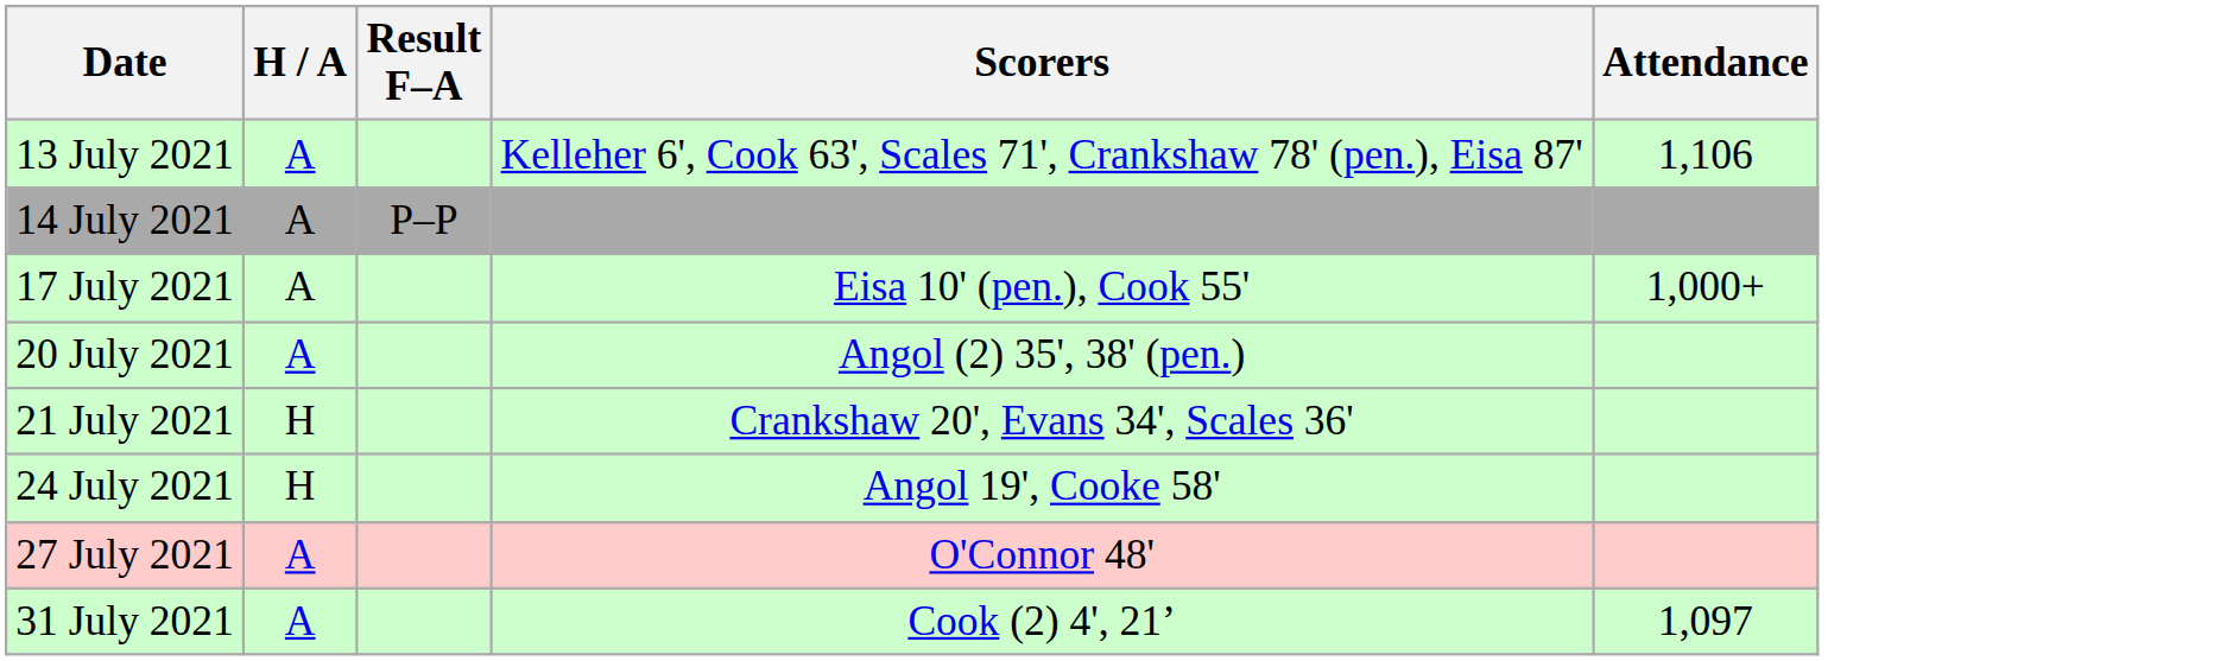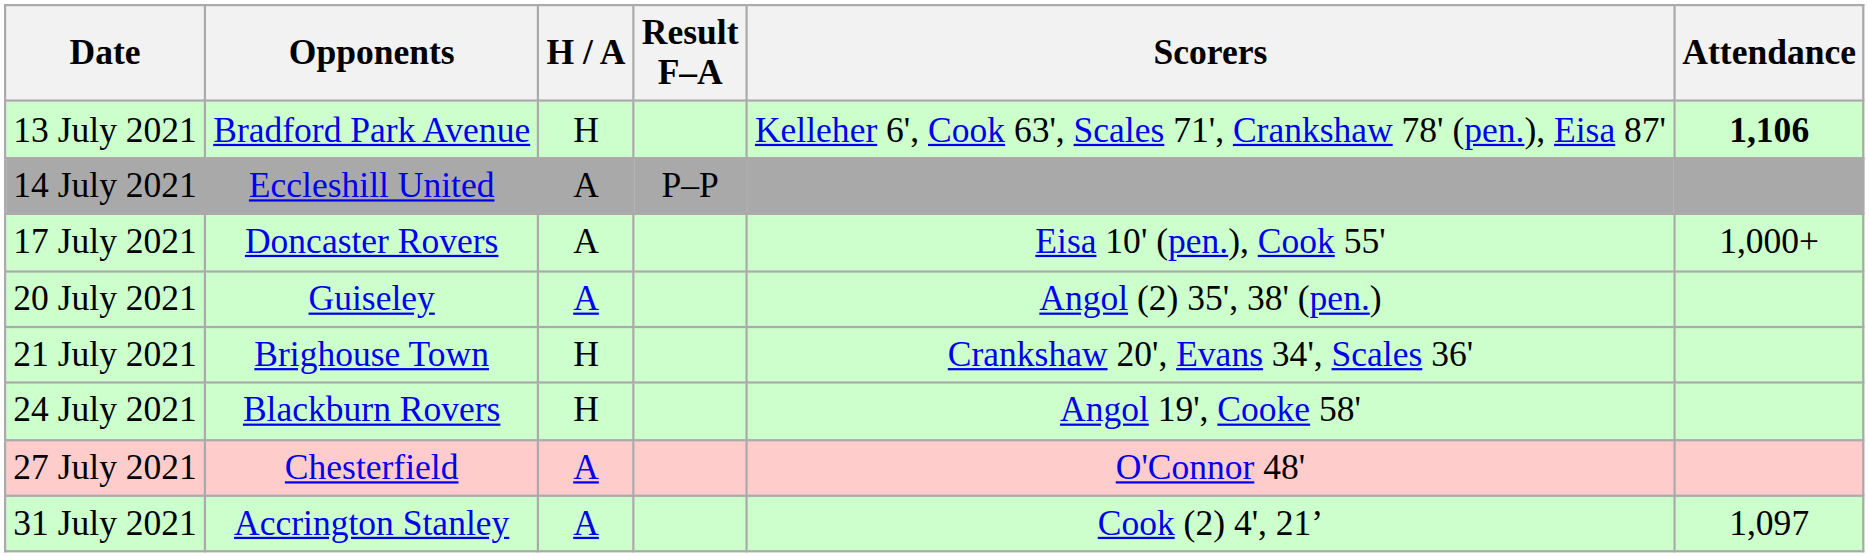 <table class="wikitable" style="text-align:center">
 <tr>
 <th>Date</th>
+<th>Opponents</th>
 <th>H / A</th>
 <th>Result<br>F–A</th>
 <th>Scorers</th>
 <th>Attendance</th>
 </tr>
 <tr bgcolor="#cfc">
 <td>13 July 2021</td>
-<td><a href='#'>A</a></td>
+<td><a href='#'>Bradford Park Avenue</a></td>
+<td>H</td>
 <td></td>
 <td><a href='#'>Kelleher</a> 6', <a href='#'>Cook</a> 63', <a href='#'>Scales</a> 71', <a href='#'>Crankshaw</a> 78' (<a href='#'>pen.</a>), <a href='#'>Eisa</a> 87'</td>
-<td>1,106</td>
+<td><strong>1,106</strong></td>
 </tr>
 <tr bgcolor="#A9A9A9">
 <td>14 July 2021</td>
+<td><a href='#'>Eccleshill United</a></td>
 <td>A</td>
 <td>P–P</td>
 <td></td>
 <td></td>
 </tr>
 <tr bgcolor="#ccffcc">
 <td>17 July 2021</td>
+<td><a href='#'>Doncaster Rovers</a></td>
 <td>A</td>
 <td></td>
 <td><a href='#'>Eisa</a> 10' (<a href='#'>pen.</a>), <a href='#'>Cook</a> 55'</td>
 <td>1,000+</td>
 </tr>
 <tr bgcolor="#ccffcc">
 <td>20 July 2021</td>
+<td><a href='#'>Guiseley</a></td>
 <td><a href='#'>A</a></td>
 <td></td>
 <td><a href='#'>Angol</a> (2) 35', 38' (<a href='#'>pen.</a>)</td>
 <td></td>
 </tr>
 <tr bgcolor="#ccffcc">
 <td>21 July 2021</td>
+<td><a href='#'>Brighouse Town</a></td>
 <td>H</td>
 <td></td>
 <td><a href='#'>Crankshaw</a> 20', <a href='#'>Evans</a> 34', <a href='#'>Scales</a> 36'</td>
 <td></td>
 </tr>
 <tr bgcolor="#ccffcc">
 <td>24 July 2021</td>
+<td><a href='#'>Blackburn Rovers</a></td>
 <td>H</td>
 <td></td>
 <td><a href='#'>Angol</a> 19', <a href='#'>Cooke</a> 58'</td>
 <td></td>
 </tr>
 <tr bgcolor="#fcc">
 <td>27 July 2021</td>
+<td><a href='#'>Chesterfield</a></td>
 <td><a href='#'>A</a></td>
 <td></td>
 <td><a href='#'>O'Connor</a> 48'</td>
 <td></td>
 </tr>
 <tr bgcolor="#cfc">
 <td>31 July 2021</td>
+<td><a href='#'>Accrington Stanley</a></td>
 <td><a href='#'>A</a></td>
 <td></td>
 <td><a href='#'>Cook</a> (2) 4', 21’</td>
 <td>1,097</td>
 </tr>
 </table>
